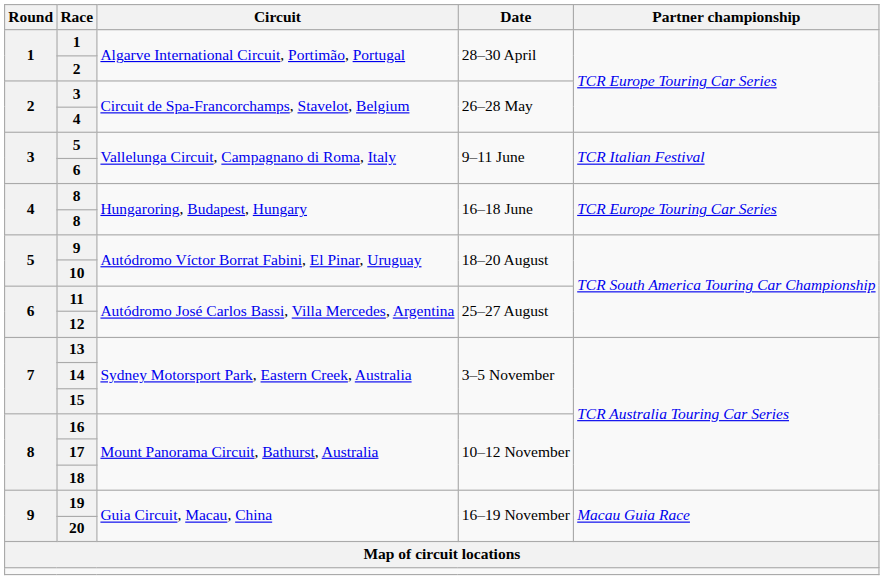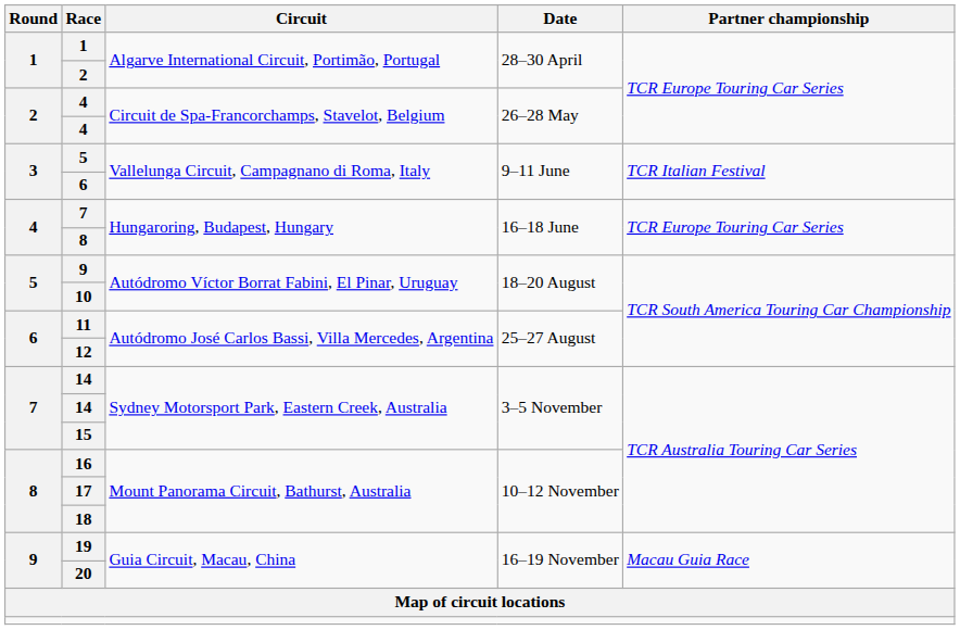 <table class="wikitable" style="font-size: 85%">
 <tr>
 <th>Round</th>
 <th>Race</th>
 <th>Circuit</th>
 <th>Date</th>
 <th>Partner championship</th>
 </tr>
 <tr>
 <th rowspan="2">1</th>
 <th>1</th>
 <td rowspan="2"> <a href='#'>Algarve International Circuit</a>, <a href='#'>Portimão</a>, <a href='#'>Portugal</a></td>
 <td rowspan="2">28–30 April</td>
 <td rowspan="4"><em><a href='#'>TCR Europe Touring Car Series</a></em></td>
 </tr>
 <tr>
 <th>2</th>
 </tr>
 <tr>
 <th rowspan="2">2</th>
-<th>3</th>
+<th>4</th>
 <td rowspan="2"> <a href='#'>Circuit de Spa-Francorchamps</a>, <a href='#'>Stavelot</a>, <a href='#'>Belgium</a></td>
 <td rowspan="2">26–28 May</td>
 </tr>
 <tr>
 <th>4</th>
 </tr>
 <tr>
 <th rowspan="2">3</th>
 <th>5</th>
 <td rowspan="2"> <a href='#'>Vallelunga Circuit</a>, <a href='#'>Campagnano di Roma</a>, <a href='#'>Italy</a></td>
 <td rowspan="2">9–11 June</td>
 <td rowspan="2"><em><a href='#'>TCR Italian Festival</a></em></td>
 </tr>
 <tr>
 <th>6</th>
 </tr>
 <tr>
 <th rowspan="2">4</th>
-<th>8</th>
+<th>7</th>
 <td rowspan="2"> <a href='#'>Hungaroring</a>, <a href='#'>Budapest</a>, <a href='#'>Hungary</a></td>
 <td rowspan="2">16–18 June</td>
 <td rowspan="2"><em><a href='#'>TCR Europe Touring Car Series</a></em></td>
 </tr>
 <tr>
 <th>8</th>
 </tr>
 <tr>
 <th rowspan="2">5</th>
 <th>9</th>
 <td rowspan="2"> <a href='#'>Autódromo Víctor Borrat Fabini</a>, <a href='#'>El Pinar</a>, <a href='#'>Uruguay</a></td>
 <td rowspan="2">18–20 August</td>
 <td rowspan="4"><em><a href='#'>TCR South America Touring Car Championship</a></em></td>
 </tr>
 <tr>
 <th>10</th>
 </tr>
 <tr>
 <th rowspan="2">6</th>
 <th>11</th>
 <td rowspan="2"> <a href='#'>Autódromo José Carlos Bassi</a>, <a href='#'>Villa Mercedes</a>, <a href='#'>Argentina</a></td>
 <td rowspan="2">25–27 August</td>
 </tr>
 <tr>
 <th>12</th>
 </tr>
 <tr>
 <th rowspan="3">7</th>
-<th>13</th>
+<th>14</th>
 <td rowspan="3"> <a href='#'>Sydney Motorsport Park</a>, <a href='#'>Eastern Creek</a>, <a href='#'>Australia</a></td>
 <td rowspan="3">3–5 November</td>
 <td rowspan="6"><em><a href='#'>TCR Australia Touring Car Series</a></em></td>
 </tr>
 <tr>
 <th>14</th>
 </tr>
 <tr>
 <th>15</th>
 </tr>
 <tr>
 <th rowspan="3">8</th>
 <th>16</th>
 <td rowspan="3"> <a href='#'>Mount Panorama Circuit</a>, <a href='#'>Bathurst</a>, <a href='#'>Australia</a></td>
 <td rowspan="3">10–12 November</td>
 </tr>
 <tr>
 <th>17</th>
 </tr>
 <tr>
 <th>18</th>
 </tr>
 <tr>
 <th rowspan="2">9</th>
 <th>19</th>
 <td rowspan="2"> <a href='#'>Guia Circuit</a>, <a href='#'>Macau</a>, <a href='#'>China</a></td>
 <td rowspan="2">16–19 November</td>
 <td rowspan="2"><em><a href='#'>Macau Guia Race</a></em></td>
 </tr>
 <tr>
 <th>20</th>
 </tr>
 <tr>
 <th colspan=5>Map of circuit locations</th>
 </tr>
 <tr>
 <td colspan=5></td>
 </tr>
 </table>
